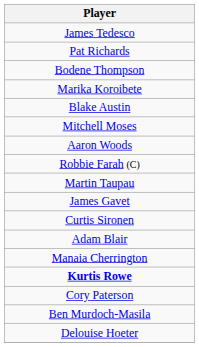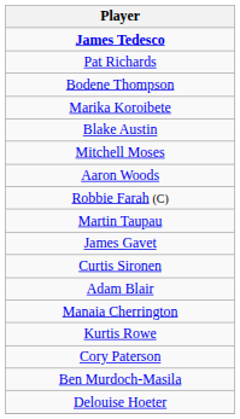 <table class="wikitable" style="text-align: center;">
 <tr>
 <th style="width:250px;">Player</th>
 </tr>
 <tr>
-<td><a href='#'>James Tedesco</a></td>
+<td><strong><a href='#'>James Tedesco</a></strong></td>
 </tr>
 <tr>
 <td><a href='#'>Pat Richards</a></td>
 </tr>
 <tr>
 <td><a href='#'>Bodene Thompson</a></td>
 </tr>
 <tr>
 <td><a href='#'>Marika Koroibete</a></td>
 </tr>
 <tr>
 <td><a href='#'>Blake Austin</a></td>
 </tr>
 <tr>
 <td><a href='#'>Mitchell Moses</a></td>
 </tr>
 <tr>
 <td><a href='#'>Aaron Woods</a></td>
 </tr>
 <tr>
 <td><a href='#'>Robbie Farah</a> <small>(C)</small></td>
 </tr>
 <tr>
 <td><a href='#'>Martin Taupau</a></td>
 </tr>
 <tr>
 <td><a href='#'>James Gavet</a></td>
 </tr>
 <tr>
 <td><a href='#'>Curtis Sironen</a></td>
 </tr>
 <tr>
 <td><a href='#'>Adam Blair</a></td>
 </tr>
 <tr>
 <td><a href='#'>Manaia Cherrington</a></td>
 </tr>
 <tr>
-<td><strong><a href='#'>Kurtis Rowe</a></strong></td>
+<td><a href='#'>Kurtis Rowe</a></td>
 </tr>
 <tr>
 <td><a href='#'>Cory Paterson</a></td>
 </tr>
 <tr>
 <td><a href='#'>Ben Murdoch-Masila</a></td>
 </tr>
 <tr>
 <td><a href='#'>Delouise Hoeter</a></td>
 </tr>
 <tr>
 </tr>
 </table>
